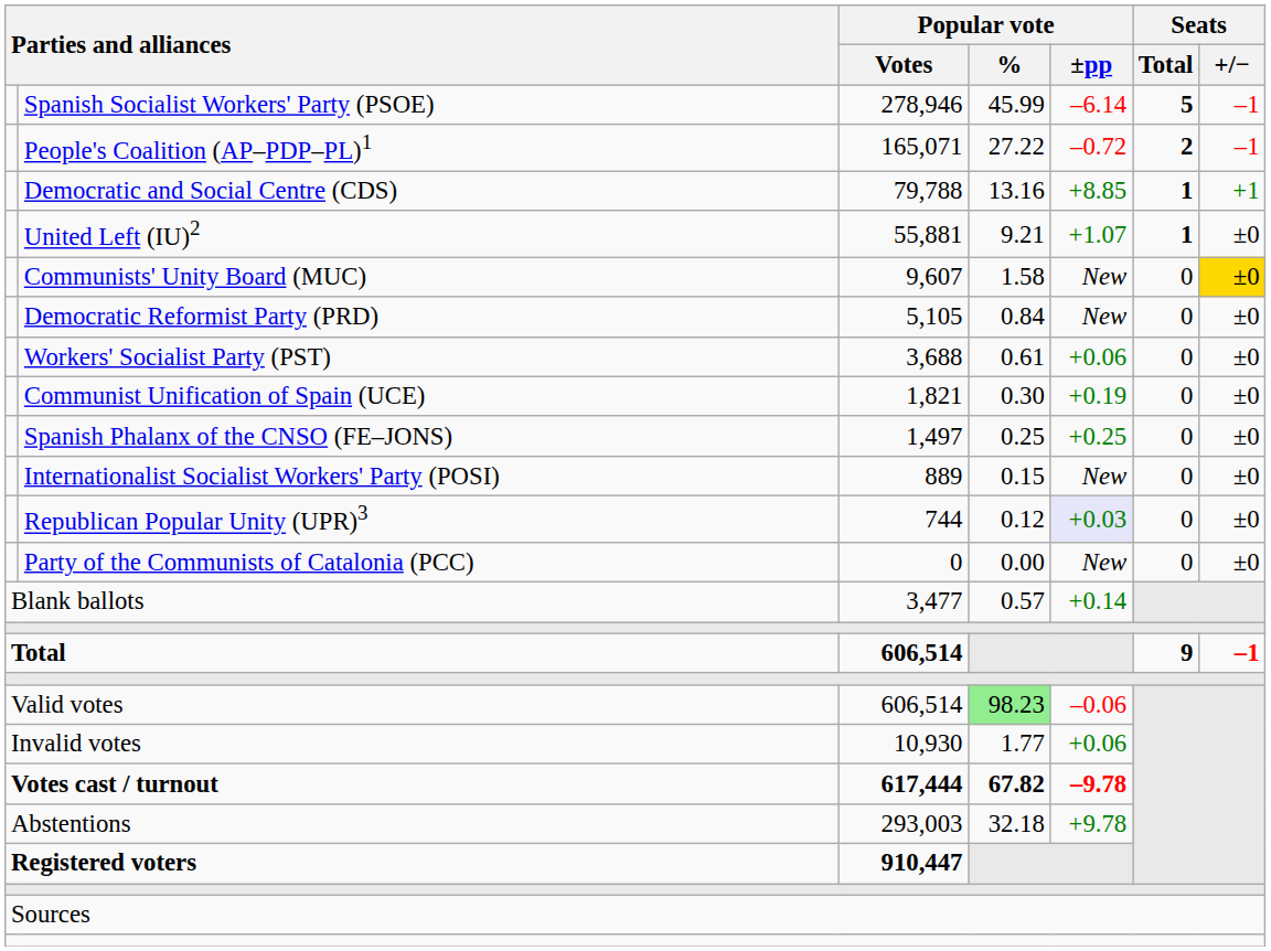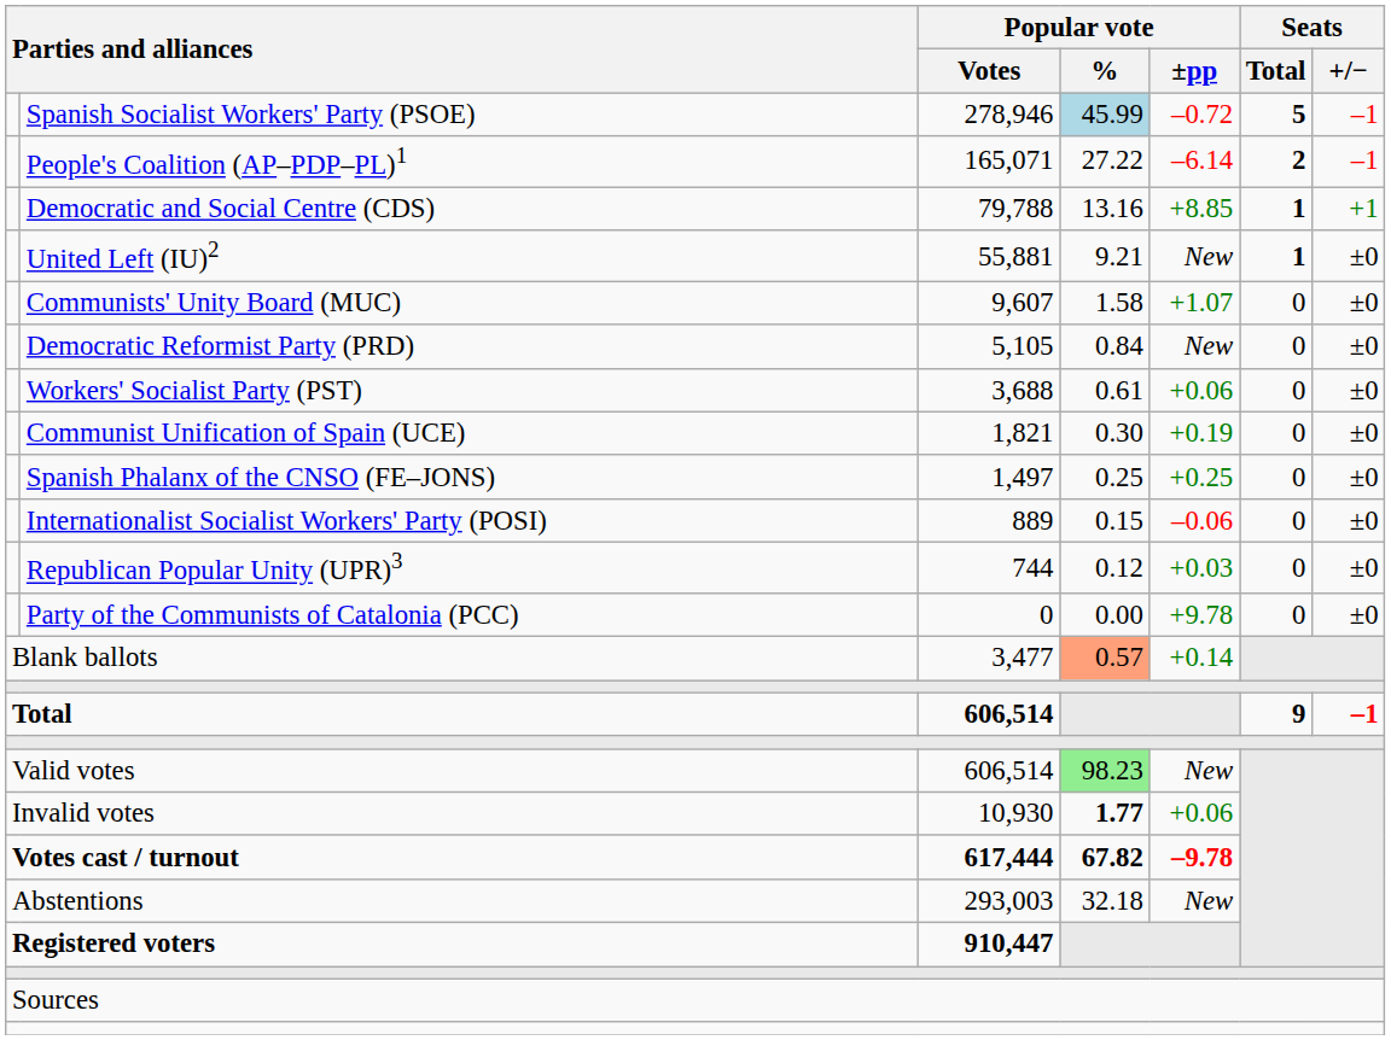 <table class="wikitable" style="text-align:right;">
 <tr>
 <th style="text-align:left;" rowspan="2" colspan="2" width="525">Parties and alliances</th>
 <th colspan="3">Popular vote</th>
 <th colspan="2">Seats</th>
 </tr>
 <tr>
 <th width="75">Votes</th>
 <th width="45">%</th>
 <th width="45">±<a href='#'>pp</a></th>
 <th width="35">Total</th>
 <th width="35">+/−</th>
 </tr>
 <tr>
 <td width="1" style="color:inherit;background:"></td>
 <td align="left"><a href='#'>Spanish Socialist Workers' Party</a> (PSOE)</td>
 <td>278,946</td>
-<td>45.99</td>
-<td style="color:red;">–6.14</td>
+<td style="background: lightblue;">45.99</td>
+<td style="color:red;">–0.72</td>
 <td><strong>5</strong></td>
 <td style="color:red;">–1</td>
 </tr>
 <tr>
 <td style="color:inherit;background:"></td>
 <td align="left"><a href='#'>People's Coalition</a> (<a href='#'>AP</a>–<a href='#'>PDP</a>–<a href='#'>PL</a>)<sup>1</sup></td>
 <td>165,071</td>
 <td>27.22</td>
-<td style="color:red;">–0.72</td>
+<td style="color:red;">–6.14</td>
 <td><strong>2</strong></td>
 <td style="color:red;">–1</td>
 </tr>
 <tr>
 <td style="color:inherit;background:"></td>
 <td align="left"><a href='#'>Democratic and Social Centre</a> (CDS)</td>
 <td>79,788</td>
 <td>13.16</td>
 <td style="color:green;">+8.85</td>
 <td><strong>1</strong></td>
 <td style="color:green;">+1</td>
 </tr>
 <tr>
 <td style="color:inherit;background:"></td>
 <td align="left"><a href='#'>United Left</a> (IU)<sup>2</sup></td>
 <td>55,881</td>
 <td>9.21</td>
-<td style="color:green;">+1.07</td>
+<td><em>New</em></td>
 <td><strong>1</strong></td>
 <td>±0</td>
 </tr>
 <tr>
 <td style="color:inherit;background:"></td>
 <td align="left"><a href='#'>Communists' Unity Board</a> (MUC)</td>
 <td>9,607</td>
 <td>1.58</td>
-<td><em>New</em></td>
+<td style="color:green;">+1.07</td>
 <td>0</td>
-<td style="background: gold;">±0</td>
+<td>±0</td>
 </tr>
 <tr>
 <td style="color:inherit;background:"></td>
 <td align="left"><a href='#'>Democratic Reformist Party</a> (PRD)</td>
 <td>5,105</td>
 <td>0.84</td>
 <td><em>New</em></td>
 <td>0</td>
 <td>±0</td>
 </tr>
 <tr>
 <td style="color:inherit;background:"></td>
 <td align="left"><a href='#'>Workers' Socialist Party</a> (PST)</td>
 <td>3,688</td>
 <td>0.61</td>
 <td style="color:green;">+0.06</td>
 <td>0</td>
 <td>±0</td>
 </tr>
 <tr>
 <td style="color:inherit;background:"></td>
 <td align="left"><a href='#'>Communist Unification of Spain</a> (UCE)</td>
 <td>1,821</td>
 <td>0.30</td>
 <td style="color:green;">+0.19</td>
 <td>0</td>
 <td>±0</td>
 </tr>
 <tr>
 <td style="color:inherit;background:"></td>
 <td align="left"><a href='#'>Spanish Phalanx of the CNSO</a> (FE–JONS)</td>
 <td>1,497</td>
 <td>0.25</td>
 <td style="color:green;">+0.25</td>
 <td>0</td>
 <td>±0</td>
 </tr>
 <tr>
 <td style="color:inherit;background:"></td>
 <td align="left"><a href='#'>Internationalist Socialist Workers' Party</a> (POSI)</td>
 <td>889</td>
 <td>0.15</td>
-<td><em>New</em></td>
+<td style="color:red;">–0.06</td>
 <td>0</td>
 <td>±0</td>
 </tr>
 <tr>
 <td style="color:inherit;background:"></td>
 <td align="left"><a href='#'>Republican Popular Unity</a> (UPR)<sup>3</sup></td>
 <td>744</td>
 <td>0.12</td>
-<td style="background: lavender; color:green;">+0.03</td>
+<td style="color:green;">+0.03</td>
 <td>0</td>
 <td>±0</td>
 </tr>
 <tr>
 <td style="color:inherit;background:"></td>
 <td align="left"><a href='#'>Party of the Communists of Catalonia</a> (PCC)</td>
 <td>0</td>
 <td>0.00</td>
-<td><em>New</em></td>
+<td style="color:green;">+9.78</td>
 <td>0</td>
 <td>±0</td>
 </tr>
 <tr>
 <td align="left" colspan="2">Blank ballots</td>
 <td>3,477</td>
-<td>0.57</td>
+<td style="background: lightsalmon;">0.57</td>
 <td style="color:green;">+0.14</td>
 <td bgcolor="#E9E9E9" colspan="2"></td>
 </tr>
 <tr>
 <td colspan="7" bgcolor="#E9E9E9"></td>
 </tr>
 <tr style="font-weight:bold;">
 <td align="left" colspan="2">Total</td>
 <td>606,514</td>
 <td bgcolor="#E9E9E9" colspan="2"></td>
 <td>9</td>
 <td style="color:red;">–1</td>
 </tr>
 <tr>
 <td colspan="7" bgcolor="#E9E9E9"></td>
 </tr>
 <tr>
 <td align="left" colspan="2">Valid votes</td>
 <td>606,514</td>
 <td style="background: lightgreen;">98.23</td>
-<td style="color:red;">–0.06</td>
+<td><em>New</em></td>
 <td bgcolor="#E9E9E9" colspan="2" rowspan="5"></td>
 </tr>
 <tr>
 <td align="left" colspan="2">Invalid votes</td>
 <td>10,930</td>
-<td>1.77</td>
+<td><strong>1.77</strong></td>
 <td style="color:green;">+0.06</td>
 </tr>
 <tr style="font-weight:bold;">
 <td align="left" colspan="2">Votes cast / turnout</td>
 <td>617,444</td>
 <td>67.82</td>
 <td style="color:red;">–9.78</td>
 </tr>
 <tr>
 <td align="left" colspan="2">Abstentions</td>
 <td>293,003</td>
 <td>32.18</td>
-<td style="color:green;">+9.78</td>
+<td><em>New</em></td>
 </tr>
 <tr style="font-weight:bold;">
 <td align="left" colspan="2">Registered voters</td>
 <td>910,447</td>
 <td bgcolor="#E9E9E9" colspan="2"></td>
 </tr>
 <tr>
 <td colspan="7" bgcolor="#E9E9E9"></td>
 </tr>
 <tr>
 <td align="left" colspan="7">Sources</td>
 </tr>
 <tr>
 <td colspan="7" style="text-align:left; max-width:790px;"></td>
 </tr>
 </table>
